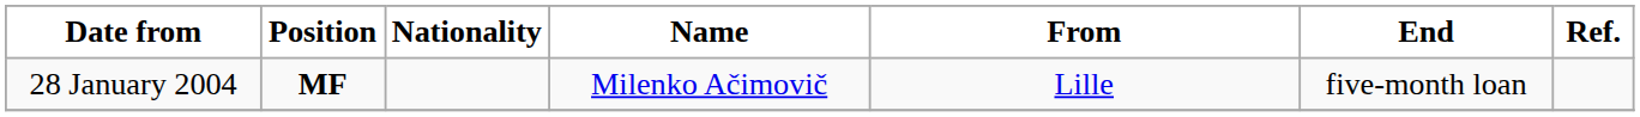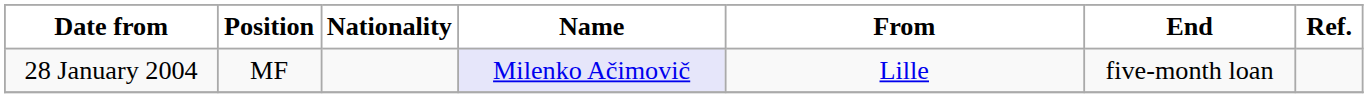 <table class="wikitable" style="text-align:center; font-size:90%; ">
 <tr>
 <th style="background:#FFFFFF; color:#000000; width:110px;">Date from</th>
 <th style="background:#FFFFFF; color:#000000; width:50px;">Position</th>
 <th style="background:#FFFFFF; color:#000000; width:50px;">Nationality</th>
 <th style="background:#FFFFFF; color:#000000; width:140px;">Name</th>
 <th style="background:#FFFFFF; color:#000000; width:190px;">From</th>
 <th style="background:#FFFFFF; color:#000000; width:110px;">End</th>
 <th style="background:#FFFFFF; color:#000000; width:30px;">Ref.</th>
 </tr>
 <tr>
 <td>28 January 2004</td>
-<td><strong>MF</strong></td>
+<td>MF</td>
 <td></td>
-<td><a href='#'>Milenko Ačimovič</a></td>
+<td style="background: lavender;"><a href='#'>Milenko Ačimovič</a></td>
 <td> <a href='#'>Lille</a></td>
 <td>five-month loan</td>
 <td></td>
 </tr>
 <tr>
 </tr>
 </table>
